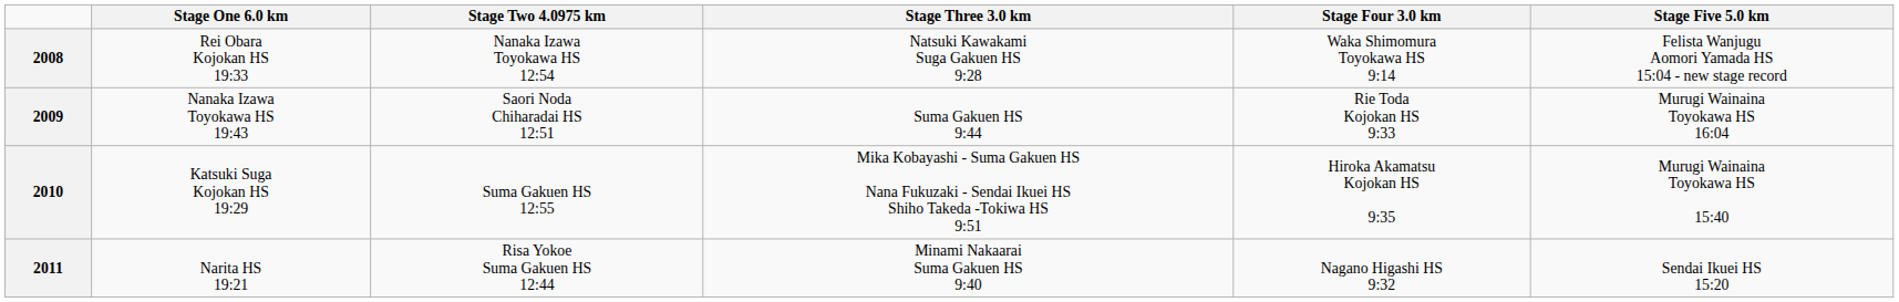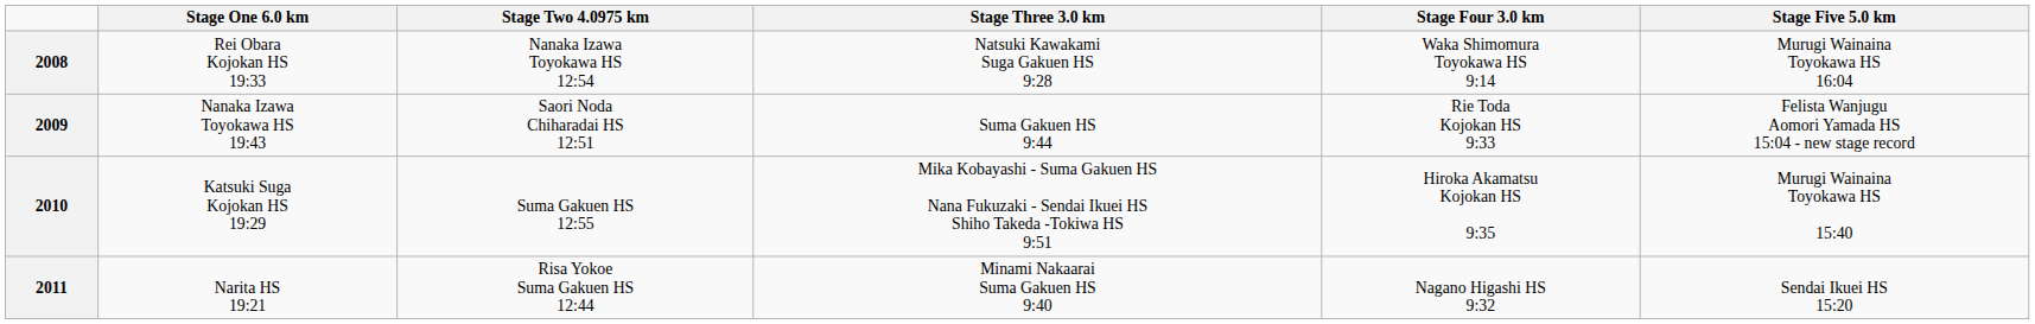 <table class="wikitable" style="text-align:center; width:100%;">
 <tr>
 <td></td>
 <th scope="col">Stage One 6.0 km</th>
 <th scope="col">Stage Two 4.0975 km</th>
 <th scope="col">Stage Three 3.0 km</th>
 <th scope="col">Stage Four 3.0 km</th>
 <th scope="col">Stage Five 5.0 km</th>
 </tr>
 <tr>
 <th scope="row">2008</th>
 <td>Rei Obara<br>Kojokan HS<br> 19:33</td>
 <td>Nanaka Izawa<br>Toyokawa HS<br> 12:54</td>
 <td>Natsuki Kawakami<br>Suga Gakuen HS<br> 9:28</td>
 <td>Waka Shimomura<br>Toyokawa HS<br> 9:14</td>
-<td>Felista Wanjugu<br>Aomori Yamada HS<br> 15:04 - new stage record</td>
+<td>Murugi Wainaina<br>Toyokawa HS<br> 16:04</td>
 </tr>
 <tr>
 <th scope="row">2009</th>
 <td>Nanaka Izawa<br>Toyokawa  HS<br> 19:43</td>
 <td>Saori Noda<br>Chiharadai HS<br> 12:51</td>
 <td><br>Suma Gakuen HS<br> 9:44</td>
 <td>Rie Toda<br>Kojokan HS<br> 9:33</td>
-<td>Murugi Wainaina<br>Toyokawa HS<br> 16:04</td>
+<td>Felista Wanjugu<br>Aomori Yamada HS<br> 15:04 - new stage record</td>
 </tr>
 <tr>
 <th scope="row">2010</th>
 <td>Katsuki Suga<br>Kojokan  HS<br> 19:29</td>
 <td><br>Suma Gakuen HS<br> 12:55</td>
 <td>Mika Kobayashi - Suma Gakuen HS<br><br>Nana Fukuzaki - Sendai Ikuei HS<br> Shiho Takeda -Tokiwa HS<br>  9:51</td>
 <td>Hiroka Akamatsu<br>Kojokan HS<br><br>9:35</td>
 <td>Murugi Wainaina<br>Toyokawa HS<br><br>15:40</td>
 </tr>
 <tr>
 <th scope="row">2011</th>
 <td><br>Narita HS<br> 19:21</td>
 <td>Risa Yokoe<br>Suma Gakuen HS<br> 12:44</td>
 <td>Minami Nakaarai<br>Suma Gakuen HS<br> 9:40</td>
 <td><br>Nagano Higashi HS<br> 9:32</td>
 <td><br>Sendai Ikuei HS<br> 15:20</td>
 </tr>
 </table>
